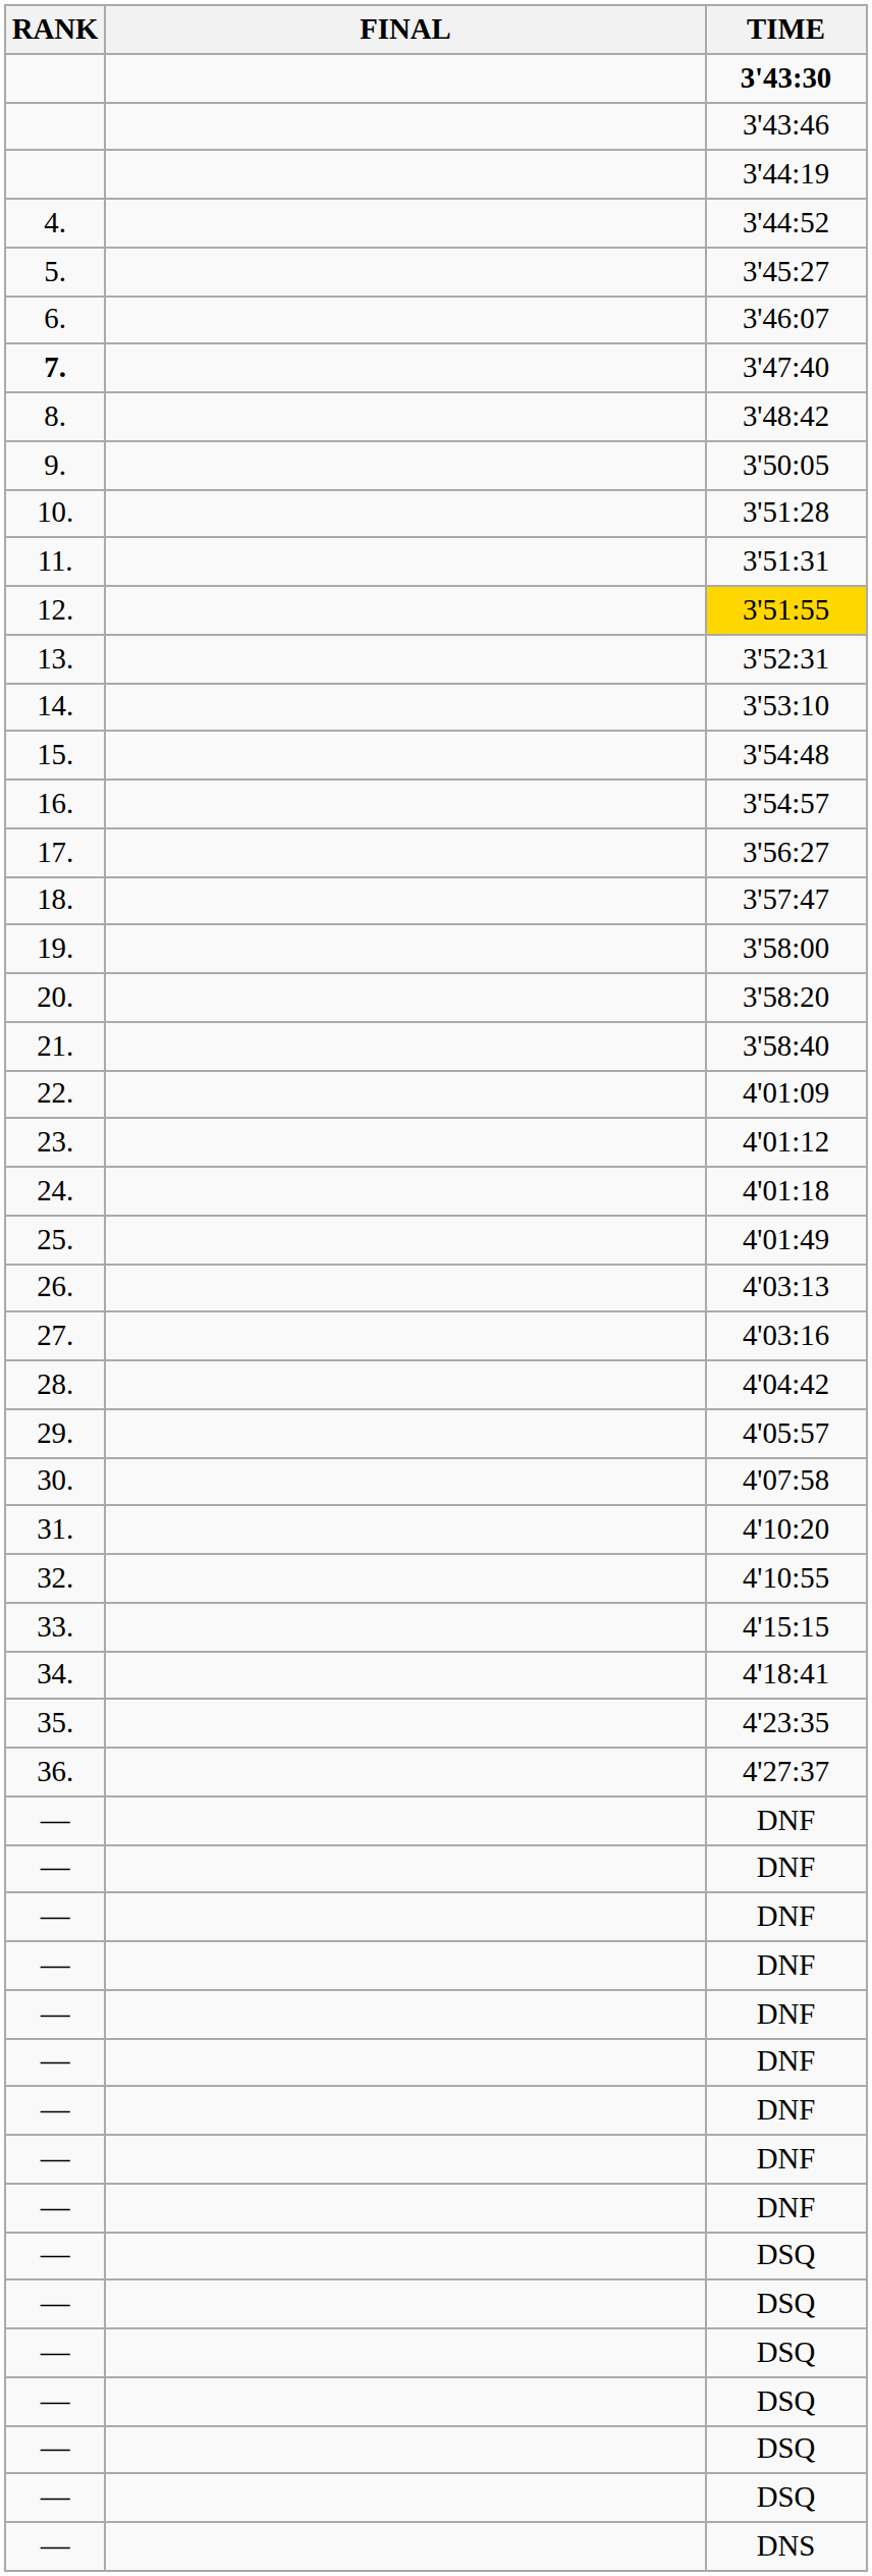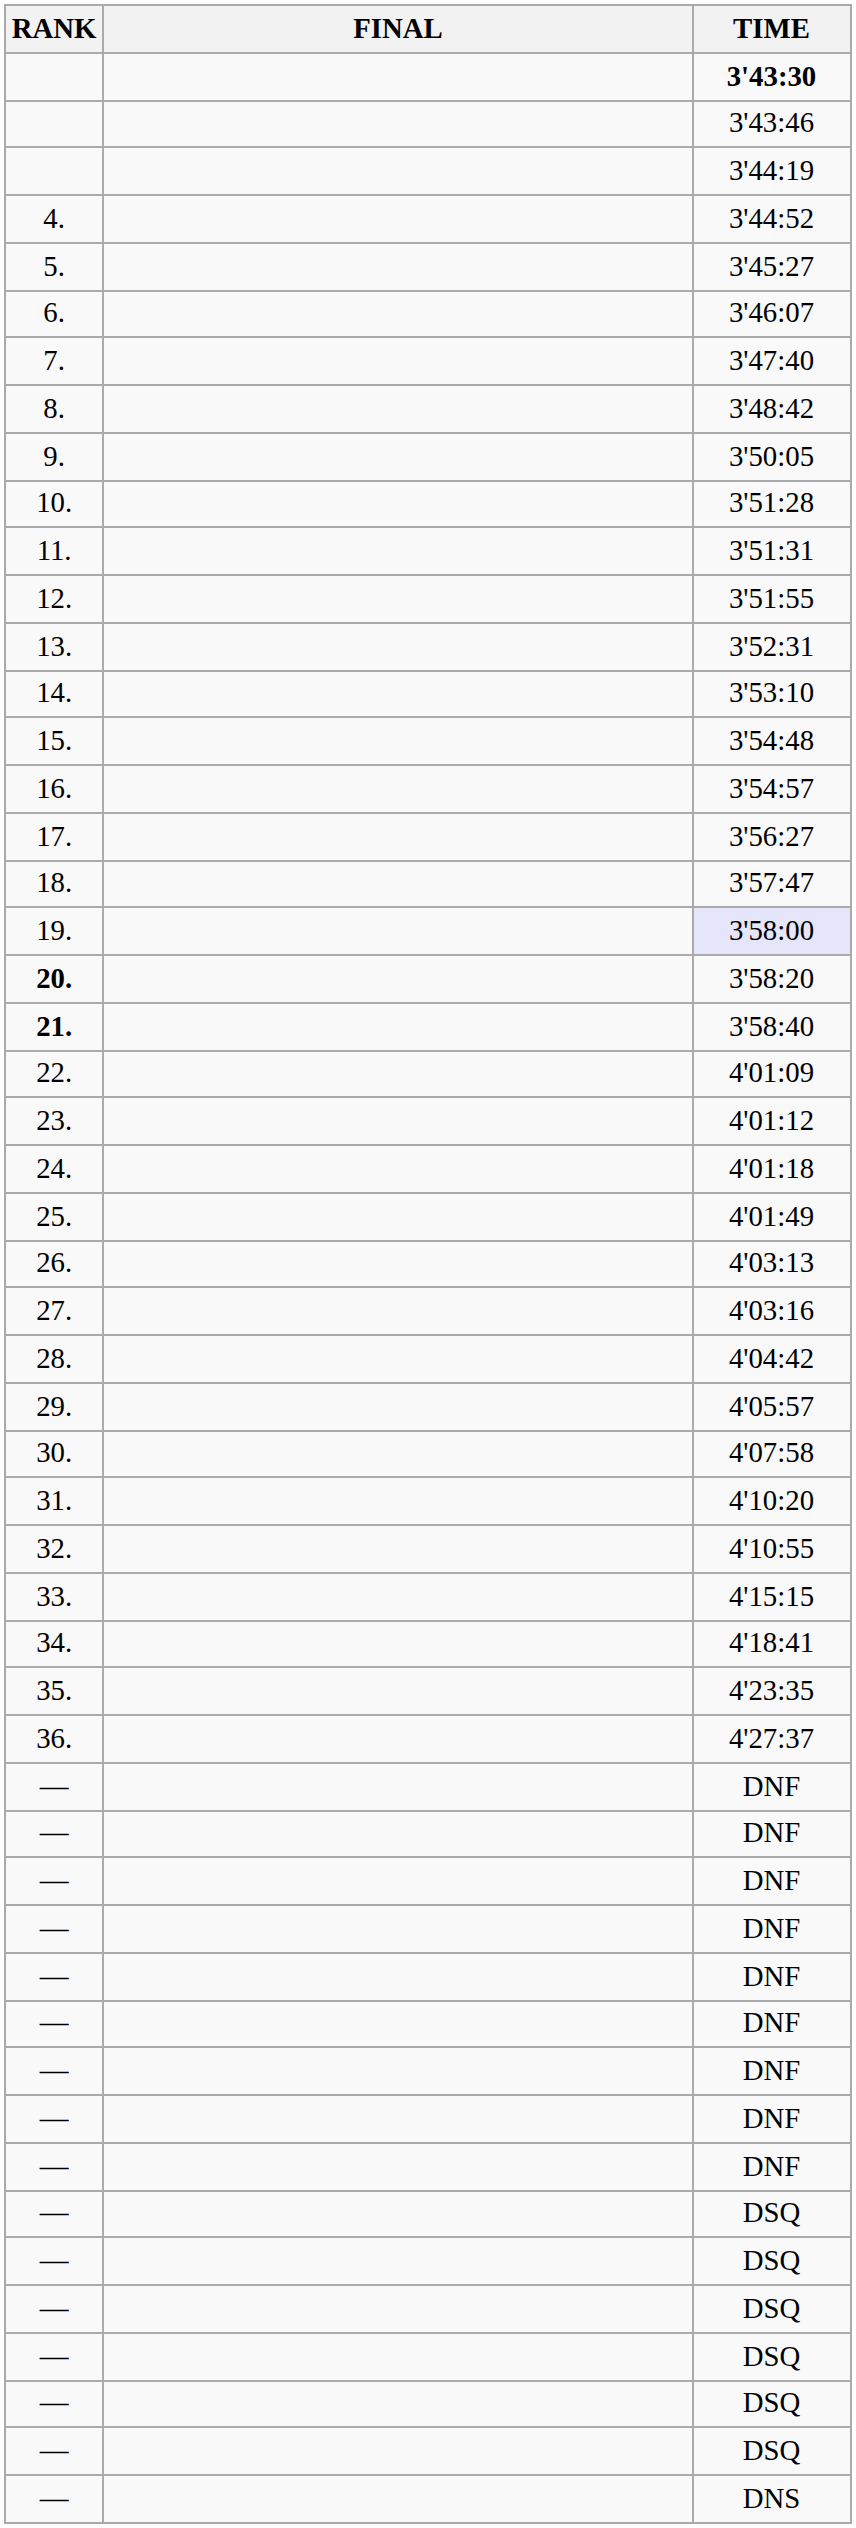 <table class="wikitable" style="border-collapse: collapse; font-size: 90%;">
 <tr>
 <th>RANK</th>
 <th style="width: 20em">FINAL</th>
 <th style="width: 5em">TIME</th>
 </tr>
 <tr>
 <td align="center"></td>
 <td></td>
 <td align="center"><strong>3'43:30</strong></td>
 </tr>
 <tr>
 <td align="center"></td>
 <td></td>
 <td align="center">3'43:46</td>
 </tr>
 <tr>
 <td align="center"></td>
 <td></td>
 <td align="center">3'44:19</td>
 </tr>
 <tr>
 <td align="center">4.</td>
 <td></td>
 <td align="center">3'44:52</td>
 </tr>
 <tr>
 <td align="center">5.</td>
 <td></td>
 <td align="center">3'45:27</td>
 </tr>
 <tr>
 <td align="center">6.</td>
 <td></td>
 <td align="center">3'46:07</td>
 </tr>
 <tr>
-<td align="center"><strong>7.</strong></td>
+<td align="center">7.</td>
 <td></td>
 <td align="center">3'47:40</td>
 </tr>
 <tr>
 <td align="center">8.</td>
 <td></td>
 <td align="center">3'48:42</td>
 </tr>
 <tr>
 <td align="center">9.</td>
 <td></td>
 <td align="center">3'50:05</td>
 </tr>
 <tr>
 <td align="center">10.</td>
 <td></td>
 <td align="center">3'51:28</td>
 </tr>
 <tr>
 <td align="center">11.</td>
 <td></td>
 <td align="center">3'51:31</td>
 </tr>
 <tr>
 <td align="center">12.</td>
 <td></td>
-<td align="center" style="background: gold;">3'51:55</td>
+<td align="center">3'51:55</td>
 </tr>
 <tr>
 <td align="center">13.</td>
 <td></td>
 <td align="center">3'52:31</td>
 </tr>
 <tr>
 <td align="center">14.</td>
 <td></td>
 <td align="center">3'53:10</td>
 </tr>
 <tr>
 <td align="center">15.</td>
 <td></td>
 <td align="center">3'54:48</td>
 </tr>
 <tr>
 <td align="center">16.</td>
 <td></td>
 <td align="center">3'54:57</td>
 </tr>
 <tr>
 <td align="center">17.</td>
 <td></td>
 <td align="center">3'56:27</td>
 </tr>
 <tr>
 <td align="center">18.</td>
 <td></td>
 <td align="center">3'57:47</td>
 </tr>
 <tr>
 <td align="center">19.</td>
 <td></td>
-<td align="center">3'58:00</td>
+<td align="center" style="background: lavender;">3'58:00</td>
 </tr>
 <tr>
-<td align="center">20.</td>
+<td align="center"><strong>20.</strong></td>
 <td></td>
 <td align="center">3'58:20</td>
 </tr>
 <tr>
-<td align="center">21.</td>
+<td align="center"><strong>21.</strong></td>
 <td></td>
 <td align="center">3'58:40</td>
 </tr>
 <tr>
 <td align="center">22.</td>
 <td></td>
 <td align="center">4'01:09</td>
 </tr>
 <tr>
 <td align="center">23.</td>
 <td></td>
 <td align="center">4'01:12</td>
 </tr>
 <tr>
 <td align="center">24.</td>
 <td></td>
 <td align="center">4'01:18</td>
 </tr>
 <tr>
 <td align="center">25.</td>
 <td></td>
 <td align="center">4'01:49</td>
 </tr>
 <tr>
 <td align="center">26.</td>
 <td></td>
 <td align="center">4'03:13</td>
 </tr>
 <tr>
 <td align="center">27.</td>
 <td></td>
 <td align="center">4'03:16</td>
 </tr>
 <tr>
 <td align="center">28.</td>
 <td></td>
 <td align="center">4'04:42</td>
 </tr>
 <tr>
 <td align="center">29.</td>
 <td></td>
 <td align="center">4'05:57</td>
 </tr>
 <tr>
 <td align="center">30.</td>
 <td></td>
 <td align="center">4'07:58</td>
 </tr>
 <tr>
 <td align="center">31.</td>
 <td></td>
 <td align="center">4'10:20</td>
 </tr>
 <tr>
 <td align="center">32.</td>
 <td></td>
 <td align="center">4'10:55</td>
 </tr>
 <tr>
 <td align="center">33.</td>
 <td></td>
 <td align="center">4'15:15</td>
 </tr>
 <tr>
 <td align="center">34.</td>
 <td></td>
 <td align="center">4'18:41</td>
 </tr>
 <tr>
 <td align="center">35.</td>
 <td></td>
 <td align="center">4'23:35</td>
 </tr>
 <tr>
 <td align="center">36.</td>
 <td></td>
 <td align="center">4'27:37</td>
 </tr>
 <tr>
 <td align="center">—</td>
 <td></td>
 <td align="center">DNF</td>
 </tr>
 <tr>
 <td align="center">—</td>
 <td></td>
 <td align="center">DNF</td>
 </tr>
 <tr>
 <td align="center">—</td>
 <td></td>
 <td align="center">DNF</td>
 </tr>
 <tr>
 <td align="center">—</td>
 <td></td>
 <td align="center">DNF</td>
 </tr>
 <tr>
 <td align="center">—</td>
 <td></td>
 <td align="center">DNF</td>
 </tr>
 <tr>
 <td align="center">—</td>
 <td></td>
 <td align="center">DNF</td>
 </tr>
 <tr>
 <td align="center">—</td>
 <td></td>
 <td align="center">DNF</td>
 </tr>
 <tr>
 <td align="center">—</td>
 <td></td>
 <td align="center">DNF</td>
 </tr>
 <tr>
 <td align="center">—</td>
 <td></td>
 <td align="center">DNF</td>
 </tr>
 <tr>
 <td align="center">—</td>
 <td></td>
 <td align="center">DSQ</td>
 </tr>
 <tr>
 <td align="center">—</td>
 <td></td>
 <td align="center">DSQ</td>
 </tr>
 <tr>
 <td align="center">—</td>
 <td></td>
 <td align="center">DSQ</td>
 </tr>
 <tr>
 <td align="center">—</td>
 <td></td>
 <td align="center">DSQ</td>
 </tr>
 <tr>
 <td align="center">—</td>
 <td></td>
 <td align="center">DSQ</td>
 </tr>
 <tr>
 <td align="center">—</td>
 <td></td>
 <td align="center">DSQ</td>
 </tr>
 <tr>
 <td align="center">—</td>
 <td></td>
 <td align="center">DNS</td>
 </tr>
 </table>
